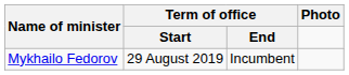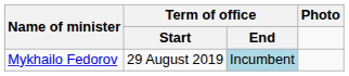 <table class="wikitable">
 <tr>
 <th rowspan=2>Name of minister</th>
 <th colspan=2>Term of office</th>
 <th colspan=2>Photo</th>
 </tr>
 <tr>
 <th>Start</th>
 <th>End</th>
 </tr>
 <tr>
 <td><a href='#'>Mykhailo Fedorov</a></td>
 <td>29 August 2019</td>
-<td>Incumbent</td>
+<td style="background: lightblue;">Incumbent</td>
 <td></td>
 </tr>
 </table>
